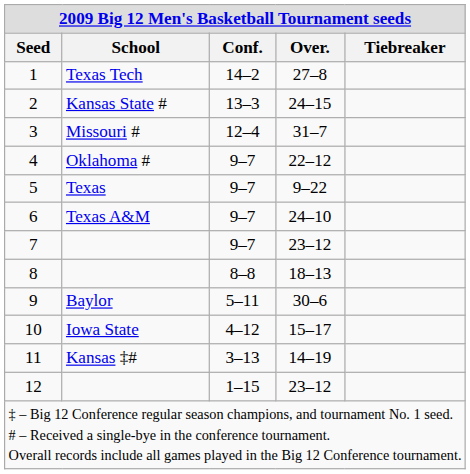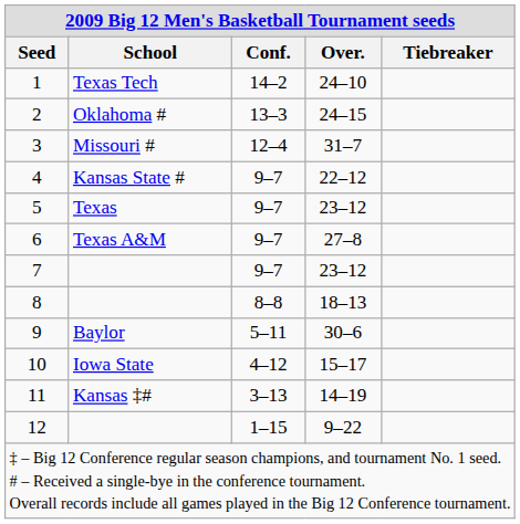 <table class="wikitable" style="white-space:nowrap; font-size:90%;text-align:center">
 <tr>
 <td colspan="10" style="text-align:center; background:#DDDDDD; font:#000000"><strong><a href='#'>2009 Big 12 Men's Basketball Tournament seeds</a></strong></td>
 </tr>
 <tr bgcolor="#efefef">
 <th>Seed</th>
 <th>School</th>
 <th>Conf.</th>
 <th>Over.</th>
 <th>Tiebreaker</th>
 </tr>
 <tr>
 <td>1</td>
 <td align=left><a href='#'>Texas Tech</a></td>
 <td>14–2</td>
-<td>27–8</td>
+<td>24–10</td>
 <td></td>
 </tr>
 <tr>
 <td>2</td>
-<td align=left><a href='#'>Kansas State</a> #</td>
+<td align=left><a href='#'>Oklahoma</a> #</td>
 <td>13–3</td>
 <td>24–15</td>
 <td></td>
 </tr>
 <tr>
 <td>3</td>
 <td align=left><a href='#'>Missouri</a> #</td>
 <td>12–4</td>
 <td>31–7</td>
 <td></td>
 </tr>
 <tr>
 <td>4</td>
-<td align=left><a href='#'>Oklahoma</a> #</td>
+<td align=left><a href='#'>Kansas State</a> #</td>
 <td>9–7</td>
 <td>22–12</td>
 <td></td>
 </tr>
 <tr>
 <td>5</td>
 <td align=left><a href='#'>Texas</a></td>
 <td>9–7</td>
-<td>9–22</td>
+<td>23–12</td>
 <td></td>
 </tr>
 <tr>
 <td>6</td>
 <td align=left><a href='#'>Texas A&M</a></td>
 <td>9–7</td>
-<td>24–10</td>
+<td>27–8</td>
 <td></td>
 </tr>
 <tr>
 <td>7</td>
 <td align=left></td>
 <td>9–7</td>
 <td>23–12</td>
 <td></td>
 </tr>
 <tr>
 <td>8</td>
 <td align=left></td>
 <td>8–8</td>
 <td>18–13</td>
 <td></td>
 </tr>
 <tr>
 <td>9</td>
 <td align=left><a href='#'>Baylor</a></td>
 <td>5–11</td>
 <td>30–6</td>
 <td></td>
 </tr>
 <tr>
 <td>10</td>
 <td align=left><a href='#'>Iowa State</a></td>
 <td>4–12</td>
 <td>15–17</td>
 <td></td>
 </tr>
 <tr>
 <td>11</td>
 <td align=left><a href='#'>Kansas</a> ‡#</td>
 <td>3–13</td>
 <td>14–19</td>
 <td></td>
 </tr>
 <tr>
 <td>12</td>
 <td align=left></td>
 <td>1–15</td>
-<td>23–12</td>
+<td>9–22</td>
 <td></td>
 </tr>
 <tr>
 <td colspan="10" style="text-align:left;"><small>‡ – Big 12 Conference regular season champions, and tournament No. 1 seed.<br># – Received a single-bye in the conference tournament.<br>Overall records include all games played in the Big 12 Conference tournament.</small></td>
 </tr>
 </table>
